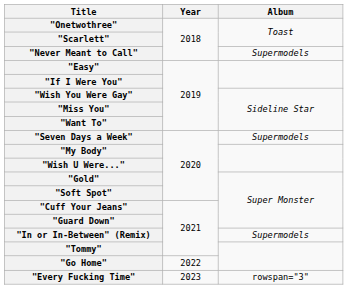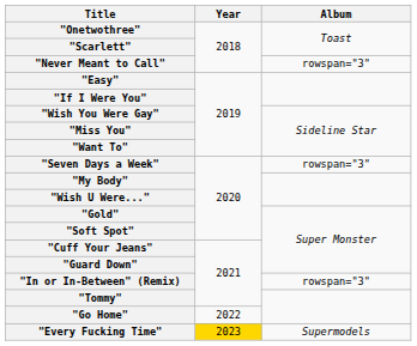 <table class="wikitable plainrowheaders" style="text-align:center">
 <tr>
 <th scope="col" style="width:18em;">Title</th>
 <th scope="col" style="width:6em;">Year</th>
 <th scope="col" style="width:14em;">Album</th>
 </tr>
 <tr>
 <th scope="row">"Onetwothree"</th>
 <td rowspan="3">2018</td>
 <td rowspan="2"><em>Toast</em></td>
 </tr>
 <tr>
 <th scope="row">"Scarlett"</th>
 </tr>
 <tr>
 <th scope="row">"Never Meant to Call"</th>
-<td><em>Supermodels</em></td>
+<td>rowspan="3" </td>
 </tr>
 <tr>
 <th scope="row">"Easy"</th>
 <td rowspan="5">2019</td>
 </tr>
 <tr>
 <th scope="row">"If I Were You"</th>
 </tr>
 <tr>
 <th scope="row">"Wish You Were Gay"</th>
 <td rowspan="3"><em>Sideline Star</em></td>
 </tr>
 <tr>
 <th scope="row">"Miss You"</th>
 </tr>
 <tr>
 <th scope="row">"Want To"</th>
 </tr>
 <tr>
 <th scope="row">"Seven Days a Week" </th>
 <td rowspan="5">2020</td>
-<td><em>Supermodels</em></td>
+<td>rowspan="3" </td>
 </tr>
 <tr>
 <th scope="row">"My Body" </th>
 </tr>
 <tr>
 <th scope="row">"Wish U Were..."</th>
 </tr>
 <tr>
 <th scope="row">"Gold"</th>
 <td rowspan="4"><em>Super Monster</em></td>
 </tr>
 <tr>
 <th scope="row">"Soft Spot"</th>
 </tr>
 <tr>
 <th scope="row">"Cuff Your Jeans"</th>
 <td rowspan="4">2021</td>
 </tr>
 <tr>
 <th scope="row">"Guard Down"</th>
 </tr>
 <tr>
 <th scope="row">"In or In-Between" (Remix)<br></th>
-<td><em>Supermodels</em></td>
+<td>rowspan="3" </td>
 </tr>
 <tr>
 <th scope="row">"Tommy"</th>
 </tr>
 <tr>
 <th scope="row">"Go Home"</th>
 <td>2022</td>
 </tr>
 <tr>
 <th scope="row">"Every Fucking Time"</th>
-<td>2023</td>
-<td>rowspan="3" </td>
+<td style="background: gold;">2023</td>
+<td><em>Supermodels</em></td>
 </tr>
 </table>
